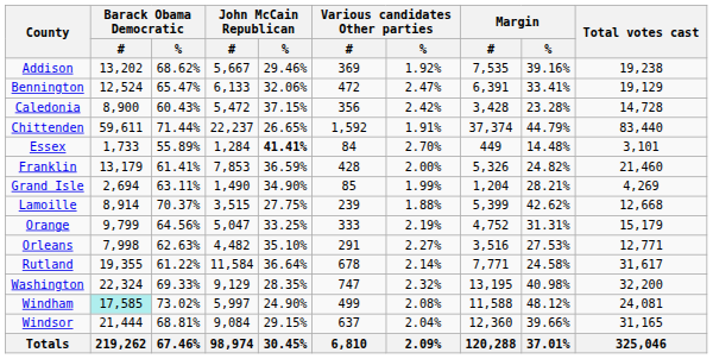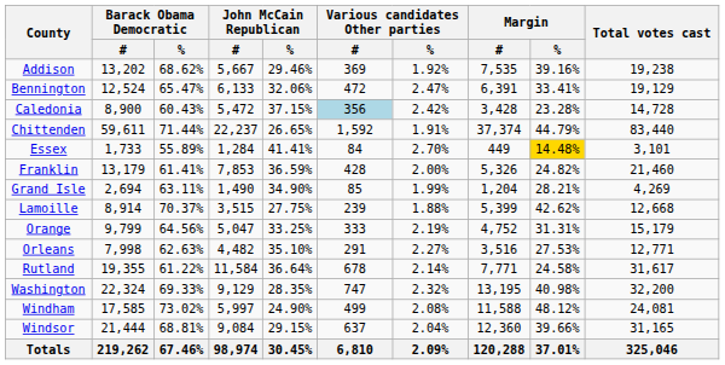 <table width="60%"  class="wikitable sortable" style="text-align:center">
 <tr>
 <th style="text-align:center;" rowspan="2">County</th>
 <th style="text-align:center;" colspan="2">Barack Obama<br>Democratic</th>
 <th style="text-align:center;" colspan="2">John McCain<br>Republican</th>
 <th style="text-align:center;" colspan="2">Various candidates<br>Other parties</th>
 <th style="text-align:center;" colspan="2">Margin</th>
 <th style="text-align:center;" rowspan="2">Total votes cast</th>
 </tr>
 <tr>
 <th style="text-align:center;" data-sort-type="number">#</th>
 <th style="text-align:center;" data-sort-type="number">%</th>
 <th style="text-align:center;" data-sort-type="number">#</th>
 <th style="text-align:center;" data-sort-type="number">%</th>
 <th style="text-align:center;" data-sort-type="number">#</th>
 <th style="text-align:center;" data-sort-type="number">%</th>
 <th style="text-align:center;" data-sort-type="number">#</th>
 <th style="text-align:center;" data-sort-type="number">%</th>
 </tr>
 <tr style="text-align:center;">
 <td><a href='#'>Addison</a></td>
 <td>13,202</td>
 <td>68.62%</td>
 <td>5,667</td>
 <td>29.46%</td>
 <td>369</td>
 <td>1.92%</td>
 <td>7,535</td>
 <td>39.16%</td>
 <td>19,238</td>
 </tr>
 <tr style="text-align:center;">
 <td><a href='#'>Bennington</a></td>
 <td>12,524</td>
 <td>65.47%</td>
 <td>6,133</td>
 <td>32.06%</td>
 <td>472</td>
 <td>2.47%</td>
 <td>6,391</td>
 <td>33.41%</td>
 <td>19,129</td>
 </tr>
 <tr style="text-align:center;">
 <td><a href='#'>Caledonia</a></td>
 <td>8,900</td>
 <td>60.43%</td>
 <td>5,472</td>
 <td>37.15%</td>
-<td>356</td>
+<td style="background: lightblue;">356</td>
 <td>2.42%</td>
 <td>3,428</td>
 <td>23.28%</td>
 <td>14,728</td>
 </tr>
 <tr style="text-align:center;">
 <td><a href='#'>Chittenden</a></td>
 <td>59,611</td>
 <td>71.44%</td>
 <td>22,237</td>
 <td>26.65%</td>
 <td>1,592</td>
 <td>1.91%</td>
 <td>37,374</td>
 <td>44.79%</td>
 <td>83,440</td>
 </tr>
 <tr style="text-align:center;">
 <td><a href='#'>Essex</a></td>
 <td>1,733</td>
 <td>55.89%</td>
 <td>1,284</td>
-<td><strong>41.41%</strong></td>
+<td>41.41%</td>
 <td>84</td>
 <td>2.70%</td>
 <td>449</td>
-<td>14.48%</td>
+<td style="background: gold;">14.48%</td>
 <td>3,101</td>
 </tr>
 <tr style="text-align:center;">
 <td><a href='#'>Franklin</a></td>
 <td>13,179</td>
 <td>61.41%</td>
 <td>7,853</td>
 <td>36.59%</td>
 <td>428</td>
 <td>2.00%</td>
 <td>5,326</td>
 <td>24.82%</td>
 <td>21,460</td>
 </tr>
 <tr style="text-align:center;">
 <td><a href='#'>Grand Isle</a></td>
 <td>2,694</td>
 <td>63.11%</td>
 <td>1,490</td>
 <td>34.90%</td>
 <td>85</td>
 <td>1.99%</td>
 <td>1,204</td>
 <td>28.21%</td>
 <td>4,269</td>
 </tr>
 <tr style="text-align:center;">
 <td><a href='#'>Lamoille</a></td>
 <td>8,914</td>
 <td>70.37%</td>
 <td>3,515</td>
 <td>27.75%</td>
 <td>239</td>
 <td>1.88%</td>
 <td>5,399</td>
 <td>42.62%</td>
 <td>12,668</td>
 </tr>
 <tr style="text-align:center;">
 <td><a href='#'>Orange</a></td>
 <td>9,799</td>
 <td>64.56%</td>
 <td>5,047</td>
 <td>33.25%</td>
 <td>333</td>
 <td>2.19%</td>
 <td>4,752</td>
 <td>31.31%</td>
 <td>15,179</td>
 </tr>
 <tr style="text-align:center;">
 <td><a href='#'>Orleans</a></td>
 <td>7,998</td>
 <td>62.63%</td>
 <td>4,482</td>
 <td>35.10%</td>
 <td>291</td>
 <td>2.27%</td>
 <td>3,516</td>
 <td>27.53%</td>
 <td>12,771</td>
 </tr>
 <tr style="text-align:center;">
 <td><a href='#'>Rutland</a></td>
 <td>19,355</td>
 <td>61.22%</td>
 <td>11,584</td>
 <td>36.64%</td>
 <td>678</td>
 <td>2.14%</td>
 <td>7,771</td>
 <td>24.58%</td>
 <td>31,617</td>
 </tr>
 <tr style="text-align:center;">
 <td><a href='#'>Washington</a></td>
 <td>22,324</td>
 <td>69.33%</td>
 <td>9,129</td>
 <td>28.35%</td>
 <td>747</td>
 <td>2.32%</td>
 <td>13,195</td>
 <td>40.98%</td>
 <td>32,200</td>
 </tr>
 <tr style="text-align:center;">
 <td><a href='#'>Windham</a></td>
-<td style="background: paleturquoise;">17,585</td>
+<td>17,585</td>
 <td>73.02%</td>
 <td>5,997</td>
 <td>24.90%</td>
 <td>499</td>
 <td>2.08%</td>
 <td>11,588</td>
 <td>48.12%</td>
 <td>24,081</td>
 </tr>
 <tr style="text-align:center;">
 <td><a href='#'>Windsor</a></td>
 <td>21,444</td>
 <td>68.81%</td>
 <td>9,084</td>
 <td>29.15%</td>
 <td>637</td>
 <td>2.04%</td>
 <td>12,360</td>
 <td>39.66%</td>
 <td>31,165</td>
 </tr>
 <tr>
 <th>Totals</th>
 <th>219,262</th>
 <th>67.46%</th>
 <th>98,974</th>
 <th>30.45%</th>
 <th>6,810</th>
 <th>2.09%</th>
 <th>120,288</th>
 <th>37.01%</th>
 <th>325,046</th>
 </tr>
 </table>
